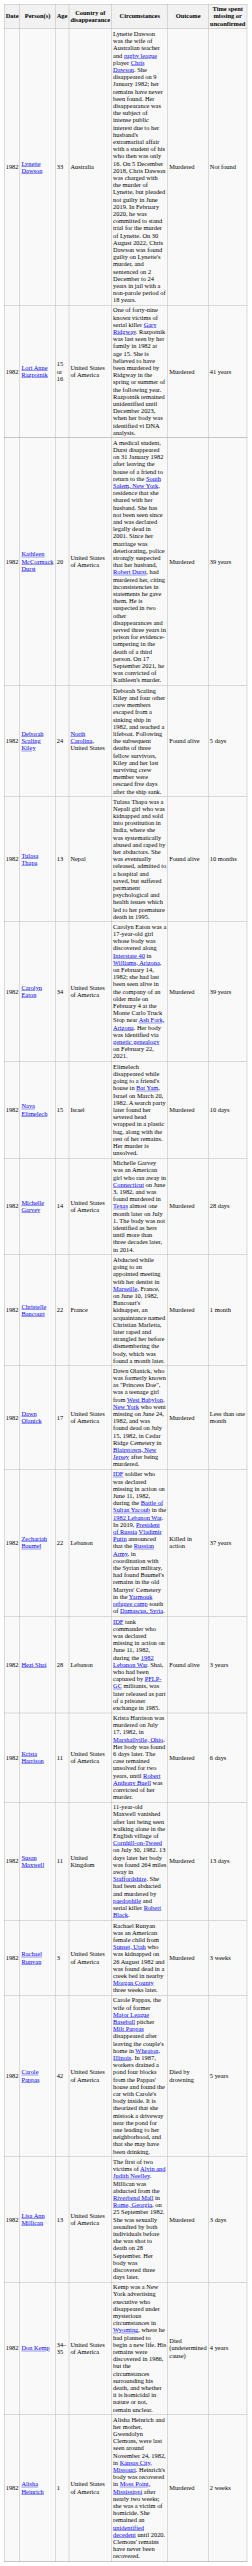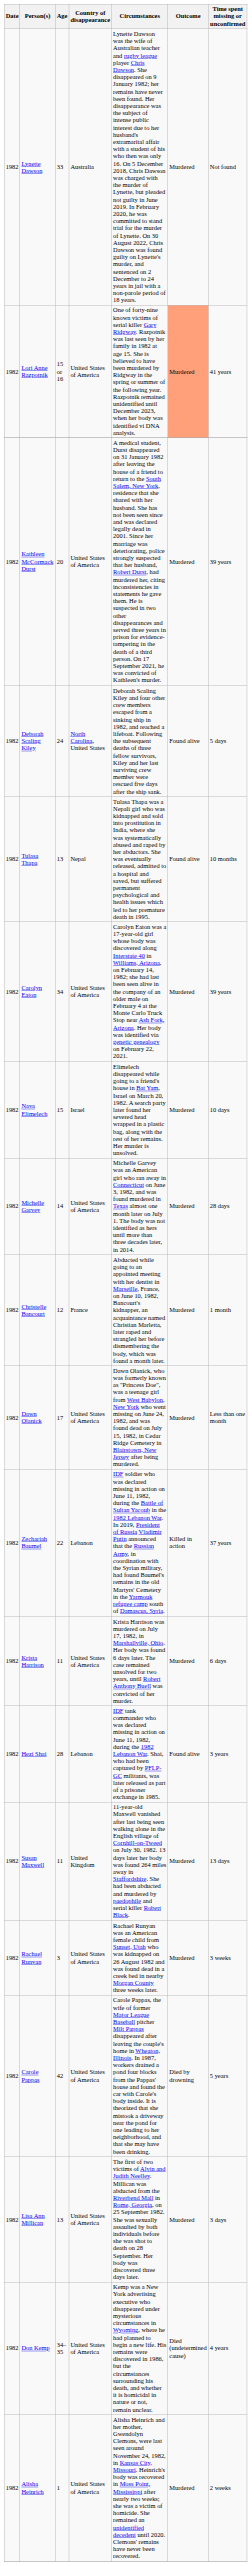 <table class="wikitable sortable zebra">
 <tr>
 <th data-sort-type="isoDate">Date</th>
 <th data-sort-type="text">Person(s)</th>
 <th data-sort-type="text">Age</th>
 <th>Country of disappearance</th>
 <th class="unsortable">Circumstances</th>
 <th data-sort-type="text">Outcome</th>
 <th data-sort-type="value">Time spent missing or unconfirmed</th>
 </tr>
 <tr>
 <td>1982</td>
 <td><a href='#'>Lynette Dawson</a></td>
 <td>33</td>
 <td>Australia</td>
 <td>Lynette Dawson was the wife of Australian teacher and <a href='#'>rugby league</a> player <a href='#'>Chris Dawson</a>. She disappeared on 9 January 1982; her remains have never been found. Her disappearance was the subject of intense public interest due to her husband's extramarital affair with a student of his who then was only 16. On 5 December 2018, Chris Dawson was charged with the murder of Lynette, but pleaded not guilty in June 2019. In February 2020, he was committed to stand trial for the murder of Lynette. On 30 August 2022, Chris Dawson was found guilty on Lynette's murder, and sentenced on 2 December to 24 years in jail with a non-parole period of 18 years.</td>
 <td>Murdered</td>
 <td>Not found</td>
 </tr>
 <tr>
 <td data-sort-value="1982-01-01">1982</td>
 <td><a href='#'>Lori Anne Razpotnik</a></td>
 <td>15 or 16</td>
 <td>United States of America</td>
 <td>One of forty-nine known victims of serial killer <a href='#'>Gary Ridgway</a>. Razpotnik was last seen by her family in 1982 at age 15. She is believed to have been murdered by Ridgway in the spring or summer of the following year. Razpotnik remained unidentified until December 2023, when her body was identified vi DNA analysis.</td>
-<td>Murdered</td>
+<td style="background: lightsalmon;">Murdered</td>
 <td data-sort-value="13505">41 years</td>
 </tr>
 <tr>
 </tr>
 <tr>
 <td data-sort-value="1982-01-31">1982</td>
 <td><a href='#'>Kathleen McCormack Durst</a></td>
 <td>20</td>
 <td>United States of America</td>
 <td>A medical student, Durst disappeared on 31 January 1982 after leaving the house of a friend to return to the <a href='#'>South Salem, New York</a>, residence that she shared with her husband. She has not been seen since and was declared legally dead in 2001. Since her marriage was deteriorating, police strongly suspected that her husband, <a href='#'>Robert Durst</a>, had murdered her, citing inconsistencies in statements he gave them. He is suspected in two other disappearances and served three years in prison for evidence-tampering in the death of a third person. On 17 September 2021, he was convicted of Kathleen's murder.</td>
 <td>Murdered</td>
 <td>39 years</td>
 </tr>
 <tr>
 <td data-sort-value="1982">1982</td>
 <td><a href='#'>Deborah Scaling Kiley</a></td>
 <td>24</td>
 <td><a href='#'>North Carolina</a>, United States</td>
 <td>Deborah Scaling Kiley and four other crew members escaped from a sinking ship in 1982, and reached a lifeboat. Following the subsequent deaths of three fellow survivors, Kiley and her last surviving crew member were rescued five days after the ship sank.</td>
 <td>Found alive</td>
 <td>5 days</td>
 </tr>
 <tr>
 <td data-sort-value="1982">1982</td>
 <td><a href='#'>Tulasa Thapa</a></td>
 <td>13</td>
 <td>Nepal</td>
 <td>Tulasa Thapa was a Nepali girl who was kidnapped and sold into prostitution in India, where she was systematically abused and raped by her abductors. She was eventually released, admitted to a hospital and saved, but suffered permanent psychological and health issues which led to her premature death in 1995.</td>
 <td>Found alive</td>
 <td>10 months</td>
 </tr>
 <tr>
 <td data-sort-value="1982-02-01">1982</td>
 <td><a href='#'>Carolyn Eaton</a></td>
 <td>34</td>
 <td>United States of America</td>
 <td>Carolyn Eaton was a 17-year-old girl whose body was discovered along <a href='#'>Interstate 40</a> in <a href='#'>Williams, Arizona</a>, on February 14, 1982; she had last been seen alive in the company of an older male on February 4 at the Monte Carlo Truck Stop near <a href='#'>Ash Fork, Arizona</a>. Her body was identified via <a href='#'>genetic genealogy</a> on February 22, 2021.</td>
 <td>Murdered</td>
 <td>39 years</td>
 </tr>
 <tr>
 <td>1982</td>
 <td><a href='#'>Nava Elimelech</a></td>
 <td>15</td>
 <td>Israel</td>
 <td>Elimelech disappeared while going to a friend's house in <a href='#'>Bat Yam</a>, Israel on March 20, 1982. A search party later found her severed head wrapped in a plastic bag, along with the rest of her remains. Her murder is unsolved.</td>
 <td>Murdered</td>
 <td>10 days</td>
 </tr>
 <tr>
 <td data-sort-value="1982-06-03">1982</td>
 <td><a href='#'>Michelle Garvey</a></td>
 <td>14</td>
 <td>United States of America</td>
 <td>Michelle Garvey was an American girl who ran away in <a href='#'>Connecticut</a> on June 3, 1982, and was found murdered in <a href='#'>Texas</a> almost one month later on July 1. The body was not identified as hers until more than three decades later, in 2014.</td>
 <td>Murdered</td>
 <td data-sort-value="0028">28 days</td>
 </tr>
 <tr>
 <td>1982</td>
 <td><a href='#'>Christelle Bancourt</a></td>
-<td>22</td>
+<td>12</td>
 <td>France</td>
 <td>Abducted while going to an appointed meeting with her dentist in <a href='#'>Marseille</a>, France, on June 10, 1982, Bancourt's kidnapper, an acquaintance named Christian Marletta, later raped and strangled her before dismembering the body, which was found a month later.</td>
 <td>Murdered</td>
 <td>1 month</td>
 </tr>
 <tr>
 <td>1982</td>
 <td><a href='#'>Dawn Olanick</a></td>
 <td>17</td>
 <td>United States of America</td>
 <td>Dawn Olanick, who was formerly known as "Princess Doe", was a teenage girl from <a href='#'>West Babylon, New York</a> who went missing on June 24, 1982, and was found dead on July 15, 1982, in Cedar Ridge Cemetery in <a href='#'>Blairstown, New Jersey</a> after being murdered.</td>
 <td>Murdered</td>
 <td>Less than one month</td>
 </tr>
 <tr>
 <td>1982</td>
 <td><a href='#'>Zechariah Baumel</a></td>
 <td>22</td>
 <td>Lebanon</td>
 <td><a href='#'>IDF</a> soldier who was declared missing in action on June 11, 1982, during the <a href='#'>Battle of Sultan Yacoub</a> in the <a href='#'>1982 Lebanon War</a>. In 2019, <a href='#'>President of Russia</a> <a href='#'>Vladimir Putin</a> announced that the <a href='#'>Russian Army</a>, in coordination with the Syrian military, had found Baumel's remains in the old Martyrs' Cemetery in the <a href='#'>Yarmouk refugee camp</a> south of <a href='#'>Damascus, Syria</a>.</td>
 <td>Killed in action</td>
 <td>37 years</td>
 </tr>
 <tr>
+<td data-sort-value="1982-07-17">1982</td>
+<td><a href='#'>Krista Harrison</a></td>
+<td>11</td>
+<td>United States of America</td>
+<td>Krista Harrison was murdered on July 17, 1982, in <a href='#'>Marshallville, Ohio</a>. Her body was found 6 days later. The case remained unsolved for two years, until <a href='#'>Robert Anthony Buell</a> was convicted of her murder.</td>
+<td>Murdered</td>
+<td data-sort-value="730">6 days</td>
+</tr>
+<tr>
 <td>1982</td>
 <td><a href='#'>Hezi Shai</a></td>
 <td>28</td>
 <td>Lebanon</td>
 <td><a href='#'>IDF</a> tank commander who was declared missing in action on June 11, 1982, during the <a href='#'>1982 Lebanon War</a>. Shai, who had been captured by <a href='#'>PFLP-GC</a> militants, was later released as part of a prisoner exchange in 1985.</td>
 <td>Found alive</td>
 <td>3 years</td>
-</tr>
-<tr>
-<td data-sort-value="1982-07-17">1982</td>
-<td><a href='#'>Krista Harrison</a></td>
-<td>11</td>
-<td>United States of America</td>
-<td>Krista Harrison was murdered on July 17, 1982, in <a href='#'>Marshallville, Ohio</a>. Her body was found 6 days later. The case remained unsolved for two years, until <a href='#'>Robert Anthony Buell</a> was convicted of her murder.</td>
-<td>Murdered</td>
-<td data-sort-value="730">6 days</td>
 </tr>
 <tr>
 <td data-sort-value="1982-07-30">1982</td>
 <td><a href='#'>Susan Maxwell</a></td>
 <td>11</td>
 <td>United Kingdom</td>
 <td>11-year-old Maxwell vanished after last being seen walking alone in the English village of <a href='#'>Cornhill-on-Tweed</a> on July 30, 1982. 13 days later her body was found 264 miles away in <a href='#'>Staffordshire</a>. She had been abducted and murdered by <a href='#'>paedophile</a> and serial killer <a href='#'>Robert Black</a>.</td>
 <td>Murdered</td>
 <td>13 days</td>
 </tr>
 <tr>
 <td data-sort-value="1982-08-26">1982</td>
 <td><a href='#'>Rachael Runyan</a></td>
 <td>3</td>
 <td>United States of America</td>
 <td>Rachael Runyan was an American female child from <a href='#'>Sunset, Utah</a> who was kidnapped on 26 August 1982 and was found dead in a creek bed in nearby <a href='#'>Morgan County</a> three weeks later.</td>
 <td>Murdered</td>
 <td>3 weeks</td>
 </tr>
 <tr>
 <td data-sort-value="1982-09-11">1982</td>
 <td><a href='#'>Carole Pappas</a></td>
 <td>42</td>
 <td>United States of America</td>
 <td>Carole Pappas, the wife of former <a href='#'>Major League Baseball</a> pitcher <a href='#'>Milt Pappas</a> disappeared after leaving the couple's home in <a href='#'>Wheaton, Illinois</a>. In 1987, workers drained a pond four blocks from the Pappas' house and found the car with Carole's body inside. It is theorized that she mistook a driveway near the pond for one leading to her neighborhood, and that she may have been drinking.</td>
 <td>Died by drowning</td>
 <td data-sort-value="1825">5 years</td>
 </tr>
 <tr>
 <td data-sort-value="1982-09-28">1982</td>
 <td><a href='#'>Lisa Ann Millican</a></td>
 <td>13</td>
 <td>United States of America</td>
 <td>The first of two victims of <a href='#'>Alvin and Judith Neelley</a>. Millican was abducted from the <a href='#'>Riverbend Mall</a> in <a href='#'>Rome, Georgia</a>, on 25 September 1982. She was sexually assaulted by both individuals before she was shot to death on 28 September. Her body was discovered three days later.</td>
 <td>Murdered</td>
 <td data-sort-value="1825">3 days</td>
 </tr>
 <tr>
 <td>1982</td>
 <td><a href='#'>Don Kemp</a></td>
 <td>34–35</td>
 <td>United States of America</td>
 <td>Kemp was a New York advertising executive who disappeared under mysterious circumstances in <a href='#'>Wyoming</a>, where he had planned to begin a new life. His remains were discovered in 1986, but the circumstances surrounding his death, and whether it is homicidal in nature or not, remain unclear.</td>
 <td>Died (undetermined cause)</td>
 <td>4 years</td>
 </tr>
 <tr>
 <td data-sort-value="1982-11-24">1982</td>
 <td><a href='#'>Alisha Heinrich</a></td>
 <td>1</td>
 <td>United States of America</td>
 <td>Alisha Heinrich and her mother, Gwendolyn Clemons, were last seen around November 24, 1982, in <a href='#'>Kansas City, Missouri</a>. Heinrich's body was recovered in <a href='#'>Moss Point, Mississippi</a> after nearly two weeks; she was a victim of homicide. She remained an <a href='#'>unidentified decedent</a> until 2020. Clemons' remains have never been recovered.</td>
 <td>Murdered</td>
 <td data-sort-value="1982-11-24">2 weeks</td>
 </tr>
 <tr>
 </tr>
 </table>
